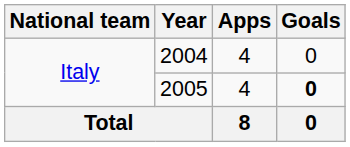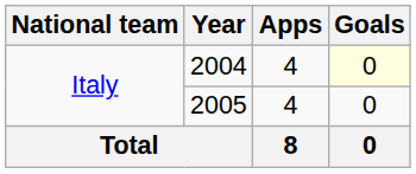 <table class="wikitable" style="text-align:center">
 <tr>
 <th>National team</th>
 <th>Year</th>
 <th>Apps</th>
 <th>Goals</th>
 </tr>
 <tr>
 <td rowspan="2"><a href='#'>Italy</a></td>
 <td>2004</td>
 <td>4</td>
-<td>0</td>
+<td style="background: lightyellow;">0</td>
 </tr>
 <tr>
 <td>2005</td>
 <td>4</td>
-<td><strong>0</strong></td>
+<td>0</td>
 </tr>
 <tr>
 <th colspan="2">Total</th>
 <th>8</th>
 <th>0</th>
 </tr>
 </table>
